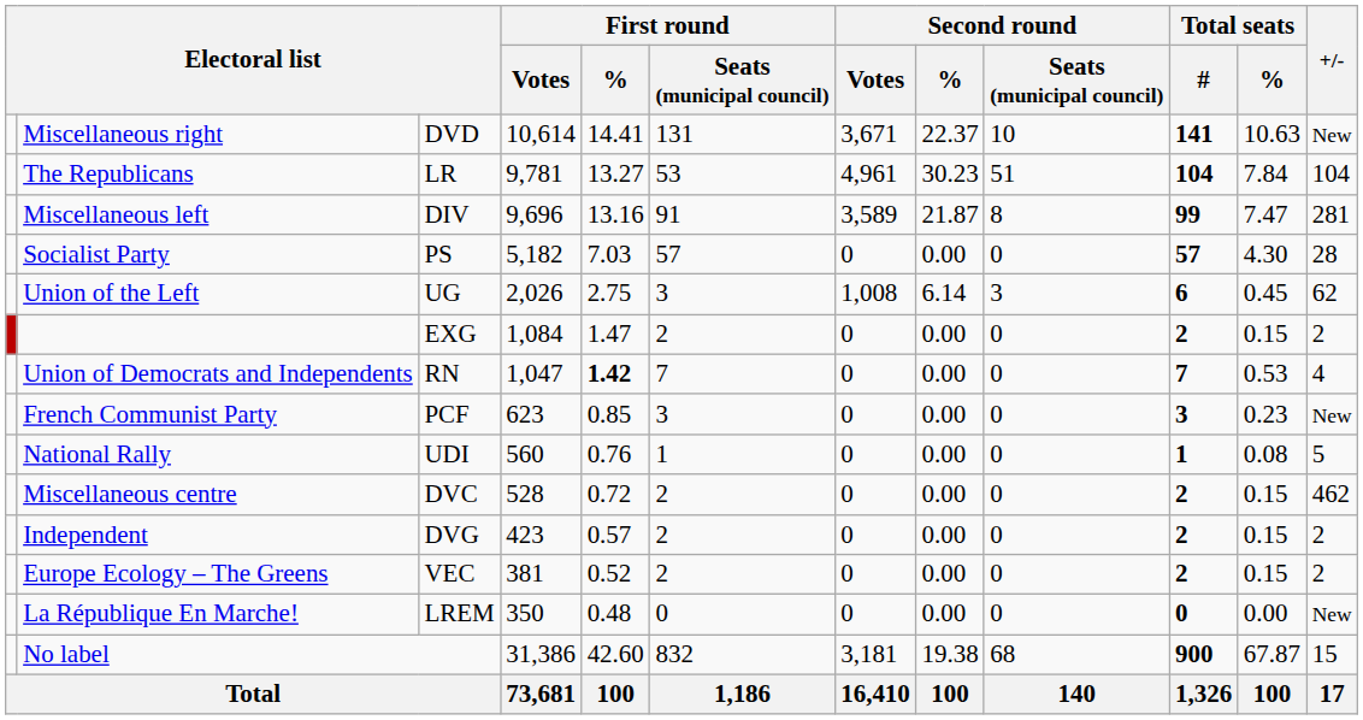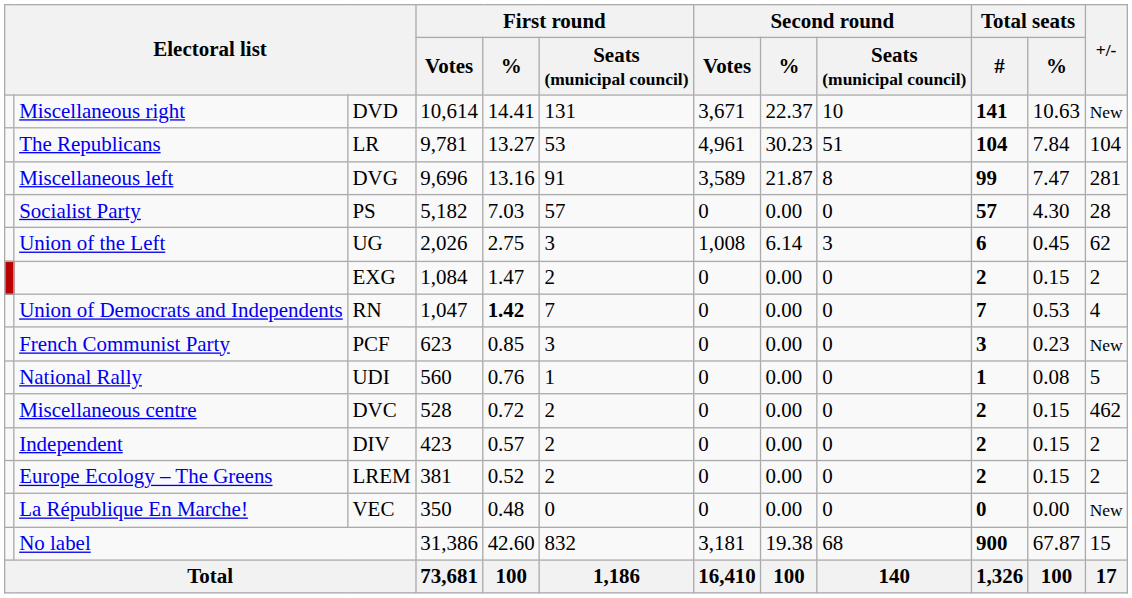 <table class="wikitable">
 <tr>
 <th colspan="3" rowspan="2">Electoral list</th>
 <th colspan="3">First round</th>
 <th colspan="3">Second round</th>
 <th colspan="2">Total seats</th>
 <th rowspan="2"><small>+/-</small></th>
 </tr>
 <tr>
 <th>Votes</th>
 <th>%</th>
 <th>Seats<br><small>(municipal council)</small></th>
 <th>Votes</th>
 <th>%</th>
 <th>Seats<br><small>(municipal council)</small></th>
 <th>#</th>
 <th>%</th>
 </tr>
 <tr>
 <td style="background:"></td>
 <td><a href='#'>Miscellaneous right</a></td>
 <td>DVD</td>
 <td>10,614</td>
 <td>14.41</td>
 <td>131</td>
 <td>3,671</td>
 <td>22.37</td>
 <td>10</td>
 <td><strong>141</strong></td>
 <td>10.63</td>
 <td><small>New</small></td>
 </tr>
 <tr>
 <td style="background:"></td>
 <td><a href='#'>The Republicans</a></td>
 <td>LR</td>
 <td>9,781</td>
 <td>13.27</td>
 <td>53</td>
 <td>4,961</td>
 <td>30.23</td>
 <td>51</td>
 <td><strong>104</strong></td>
 <td>7.84</td>
 <td> 104</td>
 </tr>
 <tr>
 <td style="background:"></td>
 <td><a href='#'>Miscellaneous left</a></td>
-<td>DIV</td>
+<td>DVG</td>
 <td>9,696</td>
 <td>13.16</td>
 <td>91</td>
 <td>3,589</td>
 <td>21.87</td>
 <td>8</td>
 <td><strong>99</strong></td>
 <td>7.47</td>
 <td> 281</td>
 </tr>
 <tr>
 <td style="background:"></td>
 <td><a href='#'>Socialist Party</a></td>
 <td>PS</td>
 <td>5,182</td>
 <td>7.03</td>
 <td>57</td>
 <td>0</td>
 <td>0.00</td>
 <td>0</td>
 <td><strong>57</strong></td>
 <td>4.30</td>
 <td> 28</td>
 </tr>
 <tr>
 <td style="background:"></td>
 <td><a href='#'>Union of the Left</a></td>
 <td>UG</td>
 <td>2,026</td>
 <td>2.75</td>
 <td>3</td>
 <td>1,008</td>
 <td>6.14</td>
 <td>3</td>
 <td><strong>6</strong></td>
 <td>0.45</td>
 <td> 62</td>
 </tr>
 <tr>
 <td style="background-color:#bb0000"></td>
 <td></td>
 <td>EXG</td>
 <td>1,084</td>
 <td>1.47</td>
 <td>2</td>
 <td>0</td>
 <td>0.00</td>
 <td>0</td>
 <td><strong>2</strong></td>
 <td>0.15</td>
 <td> 2</td>
 </tr>
 <tr>
 <td style="background:"></td>
 <td><a href='#'>Union of Democrats and Independents</a></td>
 <td>RN</td>
 <td>1,047</td>
 <td><strong>1.42</strong></td>
 <td>7</td>
 <td>0</td>
 <td>0.00</td>
 <td>0</td>
 <td><strong>7</strong></td>
 <td>0.53</td>
 <td> 4</td>
 </tr>
 <tr>
 <td style="background:"></td>
 <td><a href='#'>French Communist Party</a></td>
 <td>PCF</td>
 <td>623</td>
 <td>0.85</td>
 <td>3</td>
 <td>0</td>
 <td>0.00</td>
 <td>0</td>
 <td><strong>3</strong></td>
 <td>0.23</td>
 <td><small>New</small></td>
 </tr>
 <tr>
 <td style="background:"></td>
 <td><a href='#'>National Rally</a></td>
 <td>UDI</td>
 <td>560</td>
 <td>0.76</td>
 <td>1</td>
 <td>0</td>
 <td>0.00</td>
 <td>0</td>
 <td><strong>1</strong></td>
 <td>0.08</td>
 <td> 5</td>
 </tr>
 <tr>
 <td style="background:"></td>
 <td><a href='#'>Miscellaneous centre</a></td>
 <td>DVC</td>
 <td>528</td>
 <td>0.72</td>
 <td>2</td>
 <td>0</td>
 <td>0.00</td>
 <td>0</td>
 <td><strong>2</strong></td>
 <td>0.15</td>
 <td> 462</td>
 </tr>
 <tr>
 <td style="background:"></td>
 <td><a href='#'>Independent</a></td>
-<td>DVG</td>
+<td>DIV</td>
 <td>423</td>
 <td>0.57</td>
 <td>2</td>
 <td>0</td>
 <td>0.00</td>
 <td>0</td>
 <td><strong>2</strong></td>
 <td>0.15</td>
 <td> 2</td>
 </tr>
 <tr>
 <td style="background:"></td>
 <td><a href='#'>Europe Ecology – The Greens</a></td>
-<td>VEC</td>
+<td>LREM</td>
 <td>381</td>
 <td>0.52</td>
 <td>2</td>
 <td>0</td>
 <td>0.00</td>
 <td>0</td>
 <td><strong>2</strong></td>
 <td>0.15</td>
 <td> 2</td>
 </tr>
 <tr>
 <td style="background:"></td>
 <td><a href='#'>La République En Marche!</a></td>
-<td>LREM</td>
+<td>VEC</td>
 <td>350</td>
 <td>0.48</td>
 <td>0</td>
 <td>0</td>
 <td>0.00</td>
 <td>0</td>
 <td><strong>0</strong></td>
 <td>0.00</td>
 <td><small>New</small></td>
 </tr>
 <tr>
 <td style="background:"></td>
 <td colspan="2"><a href='#'>No label</a></td>
 <td>31,386</td>
 <td>42.60</td>
 <td>832</td>
 <td>3,181</td>
 <td>19.38</td>
 <td>68</td>
 <td><strong>900</strong></td>
 <td>67.87</td>
 <td> 15</td>
 </tr>
 <tr>
 <th colspan="3">Total</th>
 <th><strong>73,681</strong></th>
 <th>100</th>
 <th><strong>1,186</strong></th>
 <th>16,410</th>
 <th>100</th>
 <th>140</th>
 <th><strong>1,326</strong></th>
 <th>100</th>
 <th> 17</th>
 </tr>
 </table>
